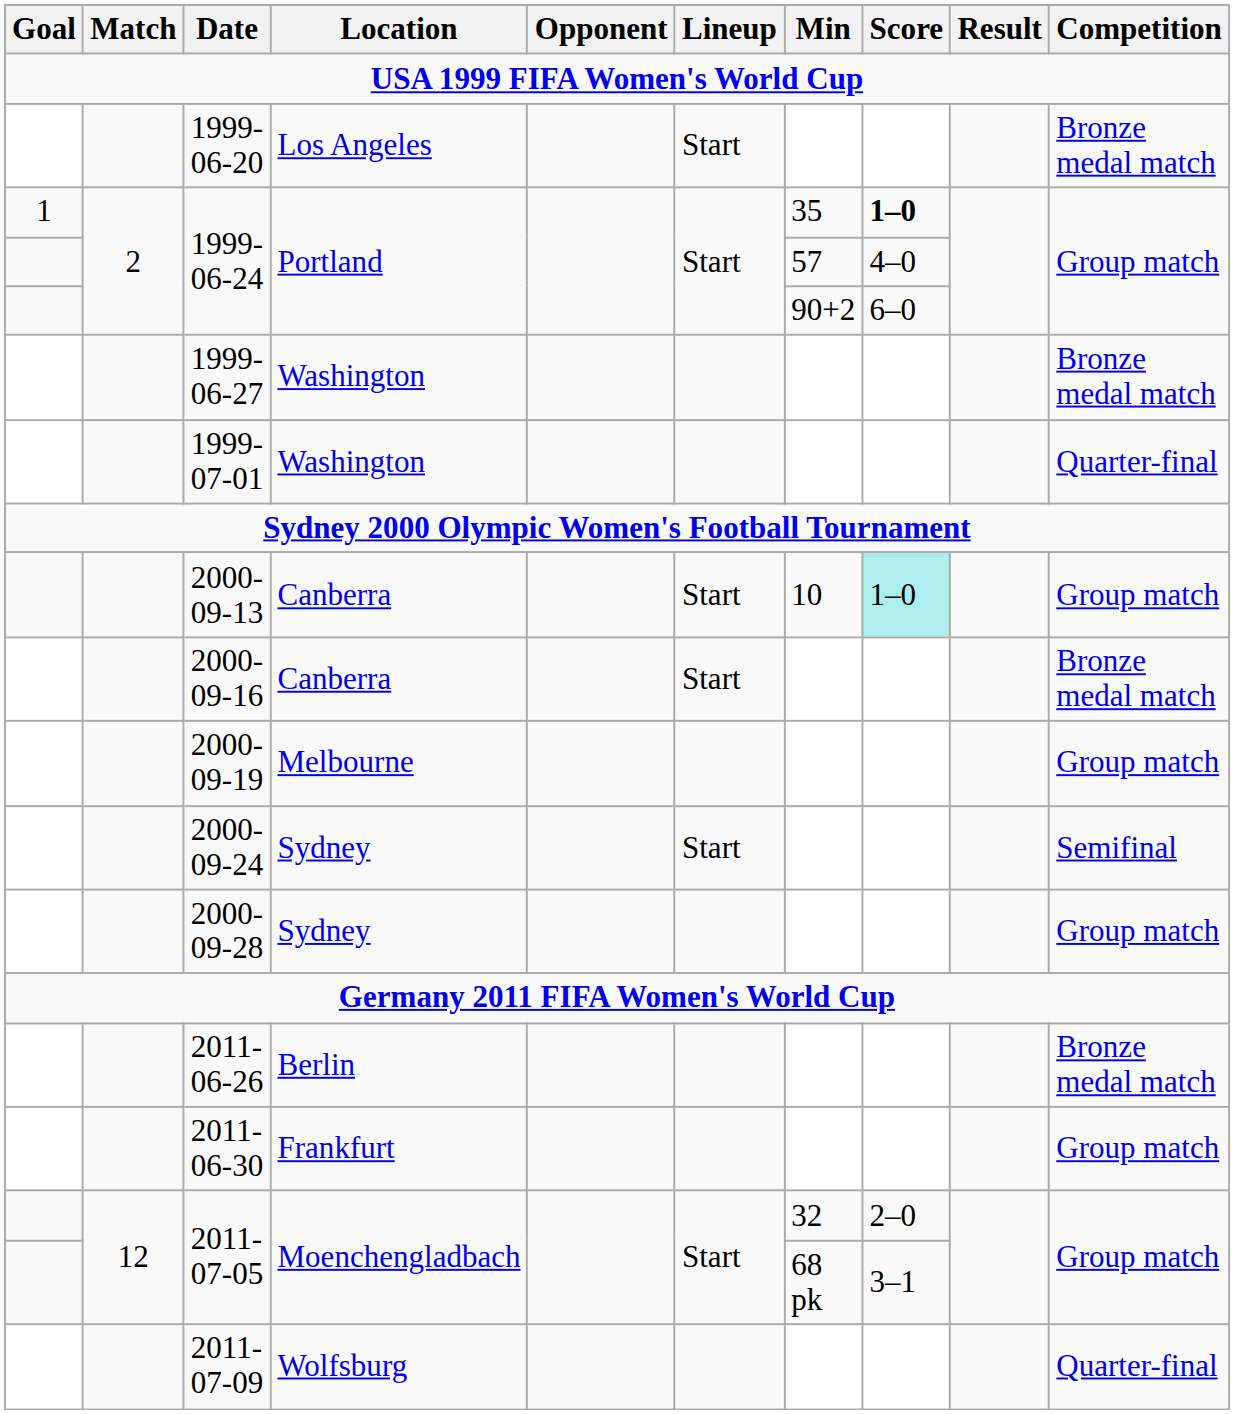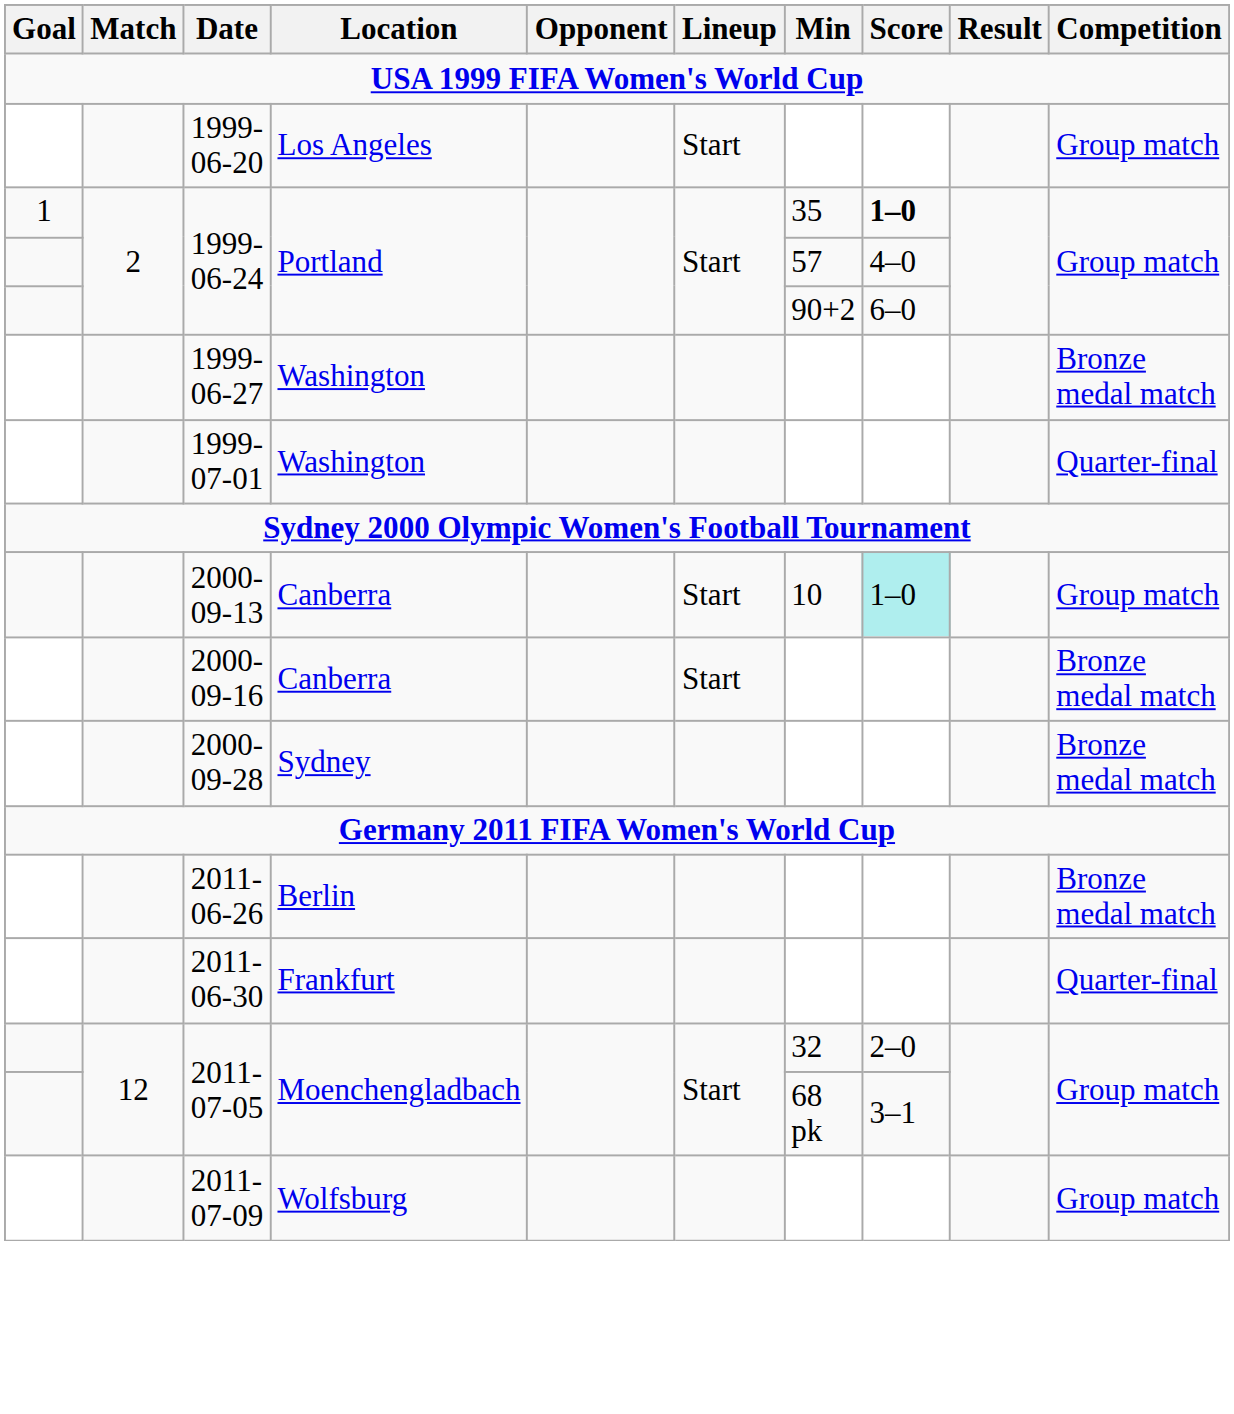 <table class="wikitable collapsible" style="fontsize:90%;">
 <tr>
 <th>Goal</th>
 <th>Match</th>
 <th>Date</th>
 <th>Location</th>
 <th>Opponent</th>
 <th>Lineup</th>
 <th>Min</th>
 <th>Score</th>
 <th>Result</th>
 <th>Competition</th>
 </tr>
 <tr>
 <td colspan=10 align=center > <strong><a href='#'>USA 1999 FIFA Women's World Cup</a></strong></td>
 </tr>
 <tr>
 <td style="background:white;"></td>
 <td></td>
 <td>1999-06-20</td>
 <td><a href='#'>Los Angeles</a></td>
 <td></td>
 <td>Start</td>
 <td style="background:white;"></td>
 <td style="background:white;"></td>
 <td></td>
-<td><a href='#'>Bronze medal match</a></td>
+<td><a href='#'>Group match</a></td>
 </tr>
 <tr>
 <td align=center>1</td>
 <td align=center rowspan=3>2</td>
 <td rowspan=3>1999-06-24</td>
 <td rowspan=3><a href='#'>Portland</a></td>
 <td rowspan=3></td>
 <td rowspan=3>Start</td>
 <td>35</td>
 <td><strong>1–0</strong></td>
 <td rowspan=3></td>
 <td rowspan=3 ><a href='#'>Group match</a></td>
 </tr>
 <tr>
 <td></td>
 <td>57</td>
 <td>4–0</td>
 </tr>
 <tr>
 <td></td>
 <td>90+2</td>
 <td>6–0</td>
 </tr>
 <tr>
 <td style="background:white;"></td>
 <td></td>
 <td>1999-06-27</td>
 <td><a href='#'>Washington</a></td>
 <td></td>
 <td></td>
 <td style="background:white;"></td>
 <td style="background:white;"></td>
 <td></td>
 <td><a href='#'>Bronze medal match</a></td>
 </tr>
 <tr>
 <td style="background:white;"></td>
 <td></td>
 <td>1999-07-01</td>
 <td><a href='#'>Washington</a></td>
 <td></td>
 <td></td>
 <td style="background:white;"></td>
 <td style="background:white;"></td>
 <td></td>
 <td><a href='#'>Quarter-final</a></td>
 </tr>
 <tr>
 <td colspan=10 align=center > <strong><a href='#'>Sydney 2000 Olympic Women's Football Tournament</a></strong></td>
 </tr>
 <tr>
 <td></td>
 <td></td>
 <td>2000-09-13</td>
 <td><a href='#'>Canberra</a></td>
 <td></td>
 <td>Start</td>
 <td>10</td>
 <td style="background: paleturquoise;">1–0</td>
 <td></td>
 <td><a href='#'>Group match</a></td>
 </tr>
 <tr>
 <td style="background:white;"></td>
 <td></td>
 <td>2000-09-16</td>
 <td><a href='#'>Canberra</a></td>
 <td></td>
 <td>Start</td>
 <td style="background:white;"></td>
 <td style="background:white;"></td>
 <td></td>
 <td><a href='#'>Bronze medal match</a></td>
 </tr>
 <tr>
 <td style="background:white;"></td>
 <td></td>
-<td>2000-09-19</td>
-<td><a href='#'>Melbourne</a></td>
-<td></td>
-<td></td>
-<td style="background:white;"></td>
-<td style="background:white;"></td>
-<td></td>
-<td><a href='#'>Group match</a></td>
-</tr>
-<tr>
-<td style="background:white;"></td>
-<td></td>
-<td>2000-09-24</td>
-<td><a href='#'>Sydney</a></td>
-<td></td>
-<td>Start</td>
-<td style="background:white;"></td>
-<td style="background:white;"></td>
-<td></td>
-<td><a href='#'>Semifinal</a></td>
-</tr>
-<tr>
-<td style="background:white;"></td>
-<td></td>
 <td>2000-09-28</td>
 <td><a href='#'>Sydney</a></td>
 <td></td>
 <td></td>
 <td style="background:white;"></td>
 <td style="background:white;"></td>
 <td></td>
-<td><a href='#'>Group match</a></td>
+<td><a href='#'>Bronze medal match</a></td>
 </tr>
 <tr>
 <td colspan=10 align=center > <strong><a href='#'>Germany 2011 FIFA Women's World Cup</a></strong></td>
 </tr>
 <tr>
 <td style="background:white;"></td>
 <td></td>
 <td>2011-06-26</td>
 <td><a href='#'>Berlin</a></td>
 <td></td>
 <td></td>
 <td style="background:white;"></td>
 <td style="background:white;"></td>
 <td></td>
 <td><a href='#'>Bronze medal match</a></td>
 </tr>
 <tr>
 <td style="background:white;"></td>
 <td></td>
 <td>2011-06-30</td>
 <td><a href='#'>Frankfurt</a></td>
 <td></td>
 <td></td>
 <td style="background:white;"></td>
 <td style="background:white;"></td>
 <td></td>
-<td><a href='#'>Group match</a></td>
+<td><a href='#'>Quarter-final</a></td>
 </tr>
 <tr>
 <td></td>
 <td align=center rowspan=2>12</td>
 <td rowspan=2>2011-07-05</td>
 <td rowspan=2><a href='#'>Moenchengladbach</a></td>
 <td rowspan=2></td>
 <td rowspan=2>Start</td>
 <td>32</td>
 <td>2–0</td>
 <td rowspan=2></td>
 <td rowspan=2 ><a href='#'>Group match</a></td>
 </tr>
 <tr>
 <td></td>
 <td>68 pk</td>
 <td>3–1</td>
 </tr>
 <tr>
 <td style="background:white;"></td>
 <td></td>
 <td>2011-07-09</td>
 <td><a href='#'>Wolfsburg</a></td>
 <td></td>
 <td></td>
 <td style="background:white;"></td>
 <td style="background:white;"></td>
 <td></td>
-<td><a href='#'>Quarter-final</a></td>
+<td><a href='#'>Group match</a></td>
 </tr>
 </table>
